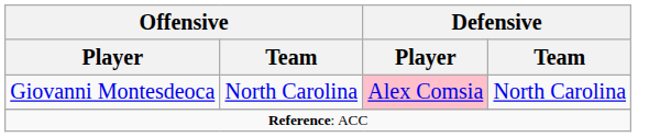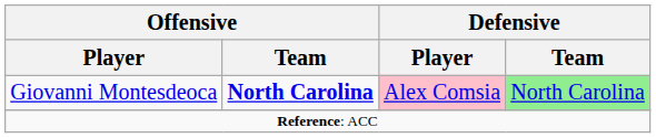 <table class="wikitable">
 <tr>
 <th colspan="2">Offensive</th>
 <th colspan="2">Defensive</th>
 </tr>
 <tr>
 <th>Player</th>
 <th>Team</th>
 <th>Player</th>
 <th>Team</th>
 </tr>
 <tr>
 <td><a href='#'>Giovanni Montesdeoca</a></td>
-<td><a href='#'>North Carolina</a></td>
+<td><strong><a href='#'>North Carolina</a></strong></td>
 <td style="background: pink;"><a href='#'>Alex Comsia</a></td>
-<td><a href='#'>North Carolina</a></td>
+<td style="background: lightgreen;"><a href='#'>North Carolina</a></td>
 </tr>
 <tr>
 </tr>
 <tr>
 <td colspan="12"  style="font-size:8pt; text-align:center;"><strong>Reference</strong>: ACC</td>
 </tr>
 </table>
